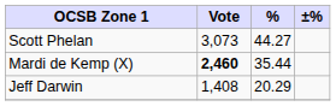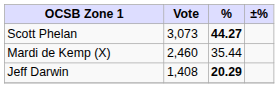 <table class="wikitable">
 <tr>
 <th style="background:#DDDDFF" width="200px">OCSB Zone 1</th>
 <th style="background:#DDDDFF" width="50px">Vote</th>
 <th style="background:#DDDDFF" width="30px">%</th>
 <th style="background:#DDDDFF" width="30px">±%</th>
 </tr>
 <tr>
 <td>Scott Phelan</td>
 <td>3,073</td>
-<td>44.27</td>
+<td><strong>44.27</strong></td>
 <td></td>
 </tr>
 <tr>
 <td>Mardi de Kemp (X)</td>
-<td><strong>2,460</strong></td>
+<td>2,460</td>
 <td>35.44</td>
 <td></td>
 </tr>
 <tr>
 <td>Jeff Darwin</td>
 <td>1,408</td>
-<td>20.29</td>
+<td><strong>20.29</strong></td>
 <td></td>
 </tr>
 <tr>
 </tr>
 </table>
